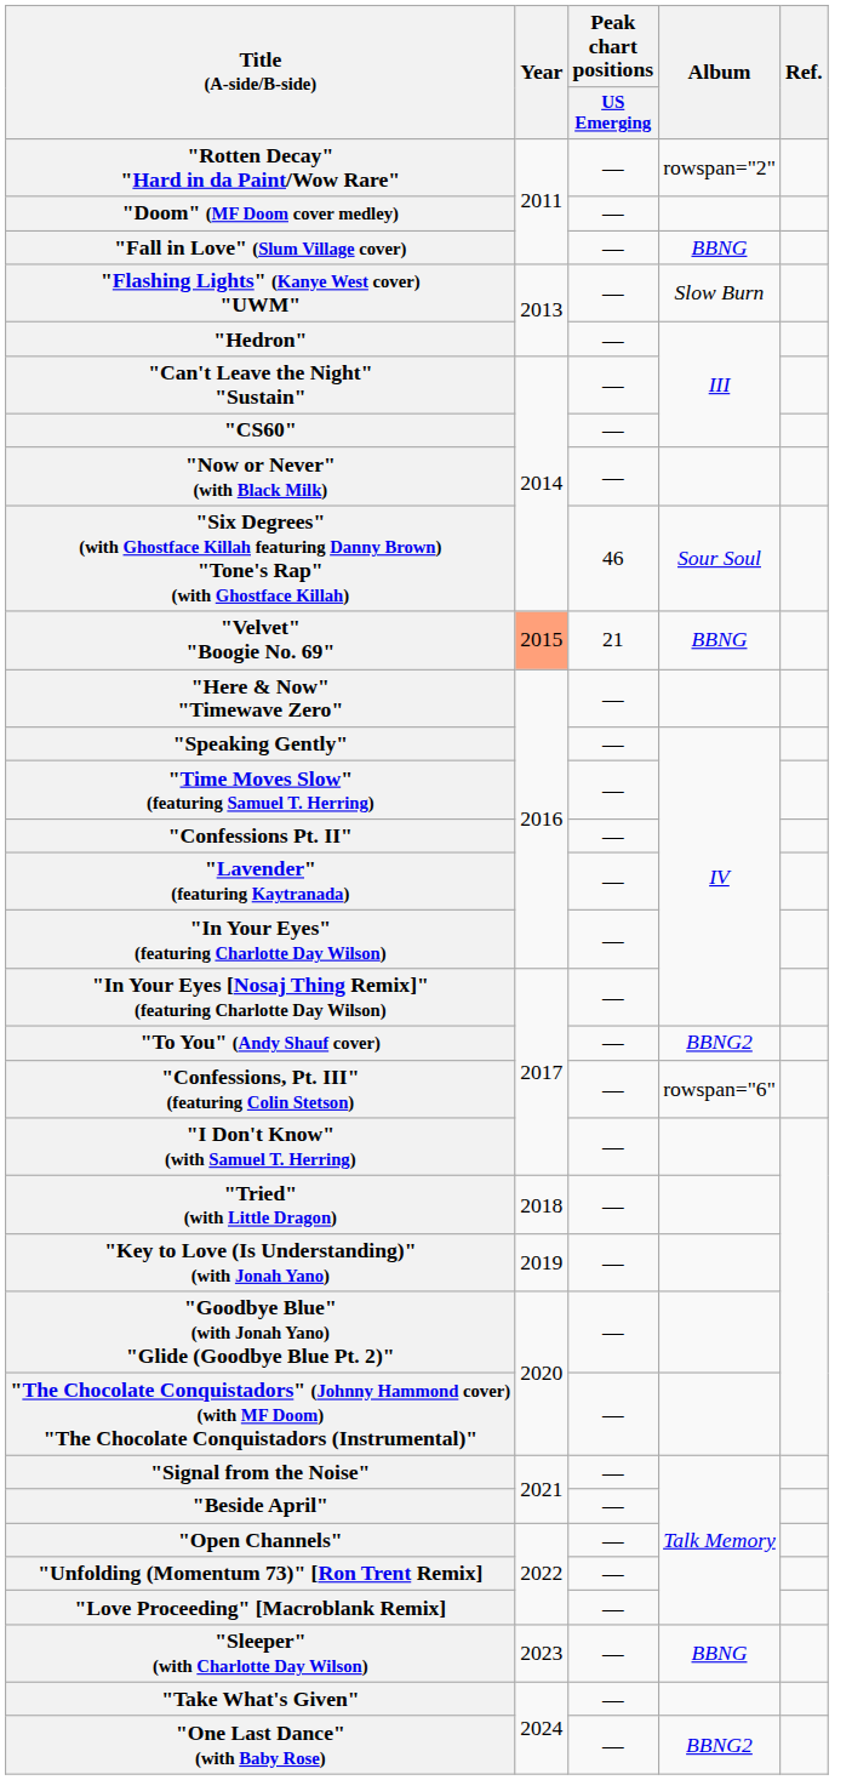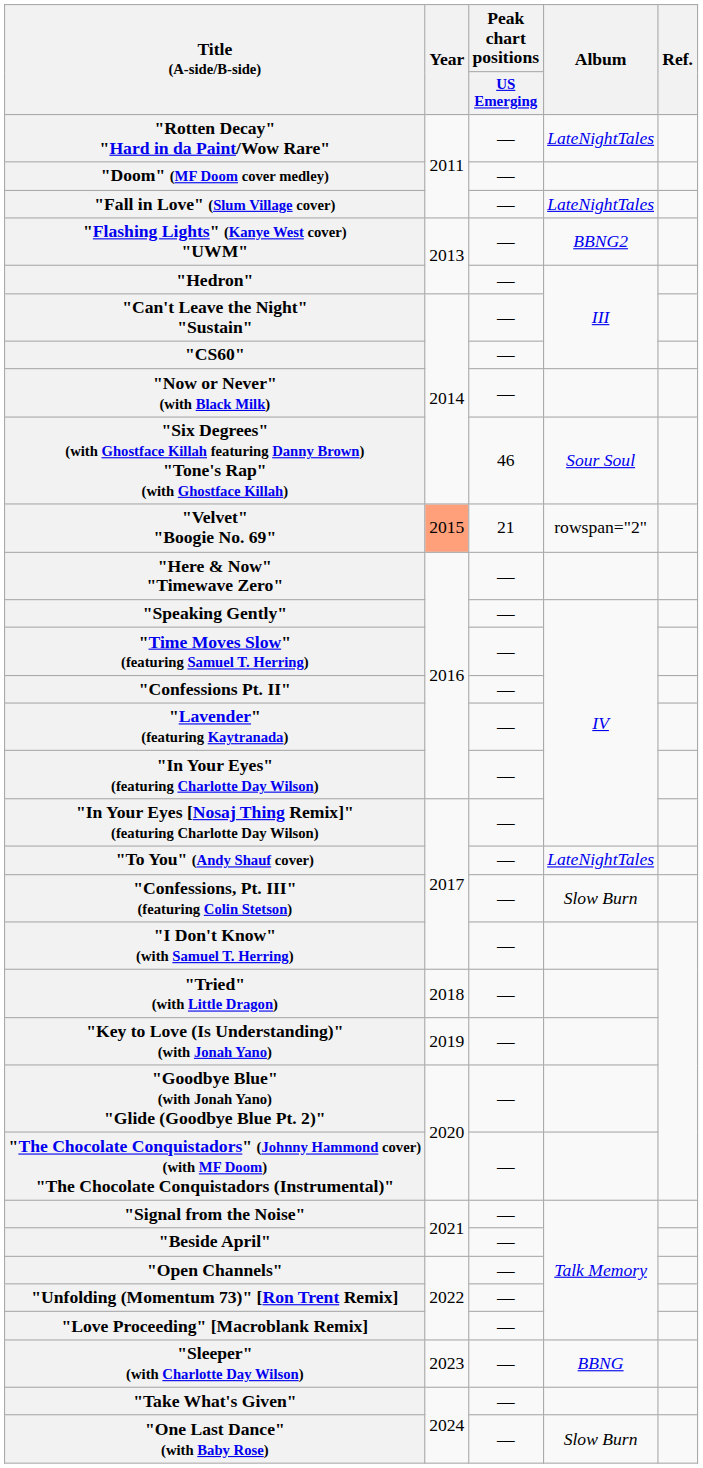 <table class="wikitable plainrowheaders" style="text-align:center;">
 <tr>
 <th scope="col" rowspan="2">Title<br><small>(A-side/B-side)</small></th>
 <th scope="col" rowspan="2">Year</th>
 <th>Peak chart positions</th>
 <th scope="col" rowspan="2">Album</th>
 <th rowspan="2">Ref.</th>
 </tr>
 <tr>
 <th scope="col" style="width:3em;font-size:85%;"><a href='#'>US<br>Emerging</a><br></th>
 </tr>
 <tr>
 <th scope="row">"Rotten Decay"<br>"<a href='#'>Hard in da Paint</a>/Wow Rare"</th>
 <td rowspan="3">2011</td>
 <td>—</td>
-<td>rowspan="2" </td>
+<td><em><a href='#'>LateNightTales</a></em></td>
 <td></td>
 </tr>
 <tr>
 <th scope="row">"Doom" <small>(<a href='#'>MF Doom</a> cover medley)</small></th>
 <td>—</td>
 <td></td>
 </tr>
 <tr>
 <th scope="row">"Fall in Love" <small>(<a href='#'>Slum Village</a> cover)</small></th>
 <td>—</td>
-<td><em><a href='#'>BBNG</a></em></td>
+<td><em><a href='#'>LateNightTales</a></em></td>
 <td></td>
 </tr>
 <tr>
 <th scope="row">"<a href='#'>Flashing Lights</a>" <small>(<a href='#'>Kanye West</a> cover)</small><br>"UWM"</th>
 <td rowspan="2">2013</td>
 <td>—</td>
-<td><em>Slow Burn</em></td>
+<td><em><a href='#'>BBNG2</a></em></td>
 <td></td>
 </tr>
 <tr>
 <th scope="row">"Hedron"</th>
 <td>—</td>
 <td rowspan="3"><em><a href='#'>III</a></em></td>
 <td></td>
 </tr>
 <tr>
 <th scope="row">"Can't Leave the Night"<br>"Sustain"</th>
 <td rowspan="4">2014</td>
 <td>—</td>
 <td></td>
 </tr>
 <tr>
 <th scope="row">"CS60"</th>
 <td>—</td>
 <td></td>
 </tr>
 <tr>
 <th scope="row">"Now or Never"<br><small>(with <a href='#'>Black Milk</a>)</small></th>
 <td>—</td>
 <td></td>
 <td></td>
 </tr>
 <tr>
 <th scope="row">"Six Degrees"<br><small>(with <a href='#'>Ghostface Killah</a> featuring <a href='#'>Danny Brown</a>)</small><br>"Tone's Rap"<br><small>(with <a href='#'>Ghostface Killah</a>)</small></th>
 <td>46</td>
 <td><em><a href='#'>Sour Soul</a></em></td>
 <td></td>
 </tr>
 <tr>
 <th scope="row">"Velvet"<br>"Boogie No. 69"</th>
 <td style="background: lightsalmon;">2015</td>
 <td>21</td>
-<td><em><a href='#'>BBNG</a></em></td>
+<td>rowspan="2" </td>
 <td></td>
 </tr>
 <tr>
 <th scope="row">"Here & Now"<br>"Timewave Zero"</th>
 <td rowspan="6">2016</td>
 <td>—</td>
 <td></td>
 </tr>
 <tr>
 <th scope="row">"Speaking Gently"</th>
 <td>—</td>
 <td rowspan="6"><em><a href='#'>IV</a></em></td>
 <td></td>
 </tr>
 <tr>
 <th scope="row">"<a href='#'>Time Moves Slow</a>"<br><small>(featuring <a href='#'>Samuel T. Herring</a>)</small></th>
 <td>—</td>
 <td></td>
 </tr>
 <tr>
 <th scope="row">"Confessions Pt. II"</th>
 <td>—</td>
 <td></td>
 </tr>
 <tr>
 <th scope="row">"<a href='#'>Lavender</a>"<br><small>(featuring <a href='#'>Kaytranada</a>)</small></th>
 <td>—</td>
 <td></td>
 </tr>
 <tr>
 <th scope="row">"In Your Eyes"<br><small>(featuring <a href='#'>Charlotte Day Wilson</a>)</small></th>
 <td>—</td>
 <td></td>
 </tr>
 <tr>
 <th scope="row">"In Your Eyes [<a href='#'>Nosaj Thing</a> Remix]"<br><small>(featuring Charlotte Day Wilson)</small></th>
 <td rowspan="4">2017</td>
 <td>—</td>
 <td></td>
 </tr>
 <tr>
 <th scope="row">"To You" <small>(<a href='#'>Andy Shauf</a> cover)</small></th>
 <td>—</td>
-<td><em><a href='#'>BBNG2</a></em></td>
+<td><em><a href='#'>LateNightTales</a></em></td>
 <td></td>
 </tr>
 <tr>
 <th scope="row">"Confessions, Pt. III"<br><small>(featuring <a href='#'>Colin Stetson</a>)</small></th>
 <td>—</td>
-<td>rowspan="6"</td>
+<td><em>Slow Burn</em></td>
 <td></td>
 </tr>
 <tr>
 <th scope="row">"I Don't Know"<br><small>(with <a href='#'>Samuel T. Herring</a>)</small></th>
 <td>—</td>
 <td></td>
 </tr>
 <tr>
 <th scope="row">"Tried"<br><small>(with <a href='#'>Little Dragon</a>)</small></th>
 <td>2018</td>
 <td>—</td>
 <td></td>
 </tr>
 <tr>
 <th scope="row">"Key to Love (Is Understanding)"<br><small>(with <a href='#'>Jonah Yano</a>)</small></th>
 <td>2019</td>
 <td>—</td>
 <td></td>
 </tr>
 <tr>
 <th scope="row">"Goodbye Blue"<br><small>(with Jonah Yano)</small><br>"Glide (Goodbye Blue Pt. 2)"</th>
 <td rowspan="2">2020</td>
 <td>—</td>
 <td></td>
 </tr>
 <tr>
 <th scope="row">"<a href='#'>The Chocolate Conquistadors</a>" <small>(<a href='#'>Johnny Hammond</a> cover)</small><small><br>(with <a href='#'>MF Doom</a>)</small><br>"The Chocolate Conquistadors (Instrumental)"</th>
 <td>—</td>
 <td></td>
 </tr>
 <tr>
 <th scope="row">"Signal from the Noise"</th>
 <td rowspan="2">2021</td>
 <td>—</td>
 <td rowspan="5"><em><a href='#'>Talk Memory</a></em></td>
 <td></td>
 </tr>
 <tr>
 <th scope="row">"Beside April"</th>
 <td>—</td>
 <td></td>
 </tr>
 <tr>
 <th scope="row">"Open Channels"</th>
 <td rowspan="3">2022</td>
 <td>—</td>
 <td></td>
 </tr>
 <tr>
 <th scope="row">"Unfolding (Momentum 73)" [<a href='#'>Ron Trent</a> Remix]</th>
 <td>—</td>
 <td></td>
 </tr>
 <tr>
 <th scope="row">"Love Proceeding" [Macroblank Remix]</th>
 <td>—</td>
 <td></td>
 </tr>
 <tr>
 <th scope="row">"Sleeper"<br><small>(with <a href='#'>Charlotte Day Wilson</a>)</small></th>
 <td>2023</td>
 <td>—</td>
 <td><em><a href='#'>BBNG</a></em></td>
 <td></td>
 </tr>
 <tr>
 <th scope="row">"Take What's Given"</th>
 <td rowspan="2">2024</td>
 <td>—</td>
 <td></td>
 </tr>
 <tr>
 <th scope="row">"One Last Dance"<br><small>(with <a href='#'>Baby Rose</a>)</small></th>
 <td>—</td>
-<td><em><a href='#'>BBNG2</a></em></td>
+<td><em>Slow Burn</em></td>
 <td></td>
 </tr>
 </table>
